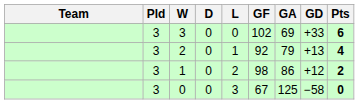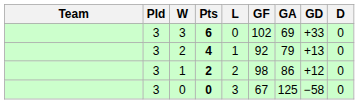 <table class="wikitable" style="text-align: center; font-size:90% ">
 <tr>
 <th width=160>Team</th>
 <th width=25>Pld</th>
 <th width=25>W</th>
-<th width=25>D</th>
+<th width=25>Pts</th>
 <th width=25>L</th>
 <th width=25>GF</th>
 <th width=25>GA</th>
 <th width=25>GD</th>
-<th width=25>Pts</th>
+<th width=25>D</th>
 </tr>
 <tr bgcolor=ccffcc>
 <td align=left></td>
 <td>3</td>
 <td>3</td>
-<td>0</td>
+<td><strong>6</strong></td>
 <td>0</td>
 <td>102</td>
 <td>69</td>
 <td>+33</td>
-<td><strong>6</strong></td>
+<td>0</td>
 </tr>
 <tr bgcolor=ccffcc>
 <td align=left></td>
 <td>3</td>
 <td>2</td>
-<td>0</td>
+<td><strong>4</strong></td>
 <td>1</td>
 <td>92</td>
 <td>79</td>
 <td>+13</td>
-<td><strong>4</strong></td>
+<td>0</td>
 </tr>
 <tr bgcolor=ccffcc>
 <td align=left></td>
 <td>3</td>
 <td>1</td>
-<td>0</td>
+<td><strong>2</strong></td>
 <td>2</td>
 <td>98</td>
 <td>86</td>
 <td>+12</td>
-<td><strong>2</strong></td>
+<td>0</td>
 </tr>
 <tr bgcolor=ccffcc>
 <td align=left></td>
 <td>3</td>
 <td>0</td>
-<td>0</td>
+<td><strong>0</strong></td>
 <td>3</td>
 <td>67</td>
 <td>125</td>
 <td>−58</td>
-<td><strong>0</strong></td>
+<td>0</td>
 </tr>
 </table>
